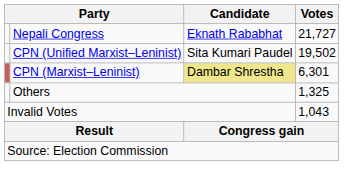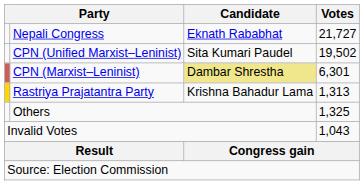 <table class="wikitable">
 <tr>
 <th colspan="2">Party</th>
 <th>Candidate</th>
 <th>Votes</th>
 </tr>
 <tr>
 <td style="background-color:"></td>
 <td><a href='#'>Nepali Congress</a></td>
 <td><a href='#'>Eknath Rababhat</a></td>
 <td>21,727</td>
 </tr>
 <tr>
 <td style="background-color:"></td>
 <td><a href='#'>CPN (Unified Marxist–Leninist)</a></td>
 <td>Sita Kumari Paudel</td>
 <td>19,502</td>
 </tr>
 <tr>
 <td style="background-color:indianred"></td>
 <td><a href='#'>CPN (Marxist–Leninist)</a></td>
 <td style="background: khaki;">Dambar Shrestha</td>
 <td>6,301</td>
 </tr>
 <tr>
+<td style="background-color:gold"></td>
+<td><a href='#'>Rastriya Prajatantra Party</a></td>
+<td>Krishna Bahadur Lama</td>
+<td>1,313</td>
+</tr>
+<tr>
 <td></td>
 <td colspan="2">Others</td>
 <td>1,325</td>
 </tr>
 <tr>
 <td colspan="3">Invalid Votes</td>
 <td>1,043</td>
 </tr>
 <tr>
 <th colspan="2">Result</th>
 <th colspan="2">Congress gain</th>
 </tr>
 <tr>
 <td colspan="4">Source: Election Commission</td>
 </tr>
 </table>
